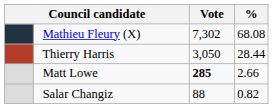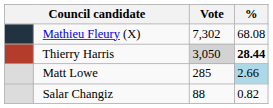 <table class="wikitable">
 <tr>
 <th bgcolor="#DDDDFF" width="230px" colspan="2">Council candidate</th>
 <th bgcolor="#DDDDFF" width="50px">Vote</th>
 <th bgcolor="#DDDDFF" width="30px">%</th>
 </tr>
 <tr>
 <td bgcolor=#213340 width="30px"> </td>
 <td>  <a href='#'>Mathieu Fleury</a> (X)</td>
 <td>7,302</td>
 <td>68.08</td>
 </tr>
 <tr>
 <td bgcolor=#B33D2A width="30px"> </td>
 <td>  Thierry Harris</td>
-<td>3,050</td>
-<td>28.44</td>
+<td style="background: lightgrey;">3,050</td>
+<td><strong>28.44</strong></td>
 </tr>
 <tr>
 <td bgcolor=#DCDCDC width="30px"> </td>
 <td>  Matt Lowe</td>
-<td><strong>285</strong></td>
-<td>2.66</td>
+<td>285</td>
+<td style="background: lightblue;">2.66</td>
 </tr>
 <tr>
 <td bgcolor=#DCDCDC width="30px"> </td>
 <td>  Salar Changiz</td>
 <td>88</td>
 <td>0.82</td>
 </tr>
 </table>
